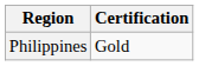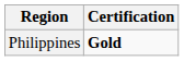 <table class="wikitable sortable">
 <tr>
 <th>Region</th>
 <th>Certification</th>
 </tr>
 <tr>
 <td scope="row" style="background-color: #f2f2f2;">Philippines</td>
-<td>Gold</td>
+<td><strong>Gold</strong></td>
 </tr>
 </table>
